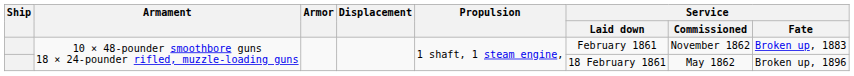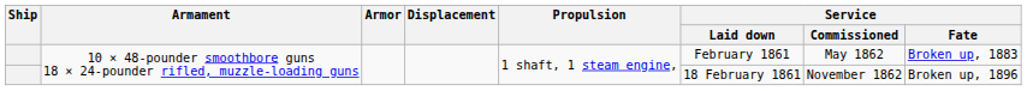 <table class="wikitable plainrowheaders" style="text-align: center;">
 <tr valign="top">
 <th scope="col" rowspan="2">Ship</th>
 <th scope="col" rowspan="2">Armament</th>
 <th scope="col" rowspan="2">Armor</th>
 <th scope="col" rowspan="2">Displacement</th>
 <th scope="col" rowspan="2">Propulsion</th>
 <th scope="col" colspan="3">Service</th>
 </tr>
 <tr valign="top">
 <th scope="col">Laid down</th>
 <th scope="col">Commissioned</th>
 <th scope="col">Fate</th>
 </tr>
 <tr valign="center">
 <th scope="row"></th>
 <td rowspan="2">10 × 48-pounder <a href='#'>smoothbore</a> guns<br>18 × 24-pounder <a href='#'>rifled, muzzle-loading guns</a></td>
 <td rowspan="2"></td>
 <td rowspan="2"></td>
 <td rowspan="2">1 shaft, 1 <a href='#'>steam engine</a>, </td>
 <td>February 1861</td>
-<td>November 1862</td>
+<td>May 1862</td>
 <td><a href='#'>Broken up</a>, 1883</td>
 </tr>
 <tr valign="center">
 <th scope="row"></th>
 <td>18 February 1861</td>
-<td>May 1862</td>
+<td>November 1862</td>
 <td>Broken up, 1896</td>
 </tr>
 </table>
